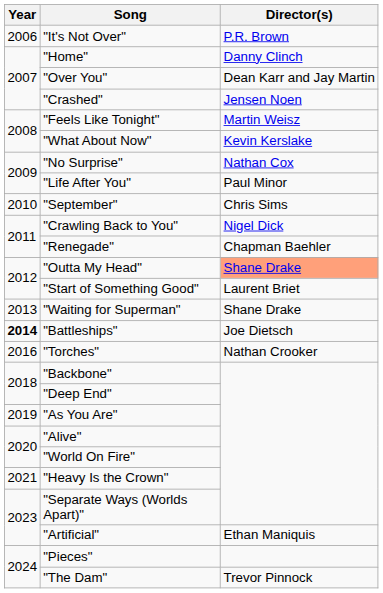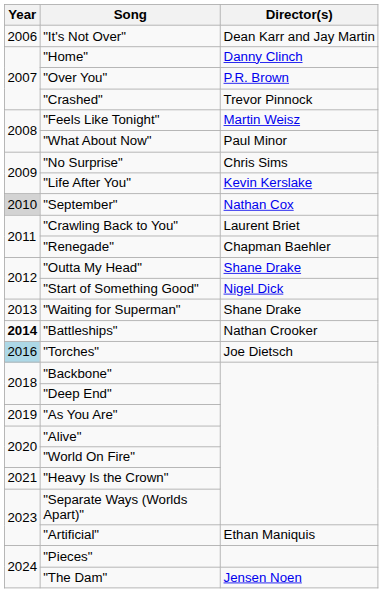 <table class="wikitable">
 <tr>
 <th>Year</th>
 <th width="210">Song</th>
 <th>Director(s)</th>
 </tr>
 <tr>
 <td>2006</td>
 <td>"It's Not Over"</td>
-<td><a href='#'>P.R. Brown</a></td>
+<td>Dean Karr and Jay Martin</td>
 </tr>
 <tr>
 <td rowspan="3">2007</td>
 <td>"Home"</td>
 <td><a href='#'>Danny Clinch</a></td>
 </tr>
 <tr>
 <td>"Over You"</td>
-<td>Dean Karr and Jay Martin</td>
+<td><a href='#'>P.R. Brown</a></td>
 </tr>
 <tr>
 <td>"Crashed"</td>
-<td><a href='#'>Jensen Noen</a></td>
+<td>Trevor Pinnock</td>
 </tr>
 <tr>
 <td rowspan="2">2008</td>
 <td>"Feels Like Tonight"</td>
 <td><a href='#'>Martin Weisz</a></td>
 </tr>
 <tr>
 <td>"What About Now"</td>
-<td><a href='#'>Kevin Kerslake</a></td>
+<td>Paul Minor</td>
 </tr>
 <tr>
 <td rowspan="2">2009</td>
 <td>"No Surprise"</td>
-<td><a href='#'>Nathan Cox</a></td>
+<td>Chris Sims</td>
 </tr>
 <tr>
 <td>"Life After You"</td>
-<td>Paul Minor</td>
+<td><a href='#'>Kevin Kerslake</a></td>
 </tr>
 <tr>
-<td>2010</td>
+<td style="background: lightgrey;">2010</td>
 <td>"September"</td>
-<td>Chris Sims</td>
+<td><a href='#'>Nathan Cox</a></td>
 </tr>
 <tr>
 <td rowspan=2>2011</td>
 <td>"Crawling Back to You"</td>
-<td><a href='#'>Nigel Dick</a></td>
+<td>Laurent Briet</td>
 </tr>
 <tr>
 <td>"Renegade"</td>
 <td>Chapman Baehler</td>
 </tr>
 <tr>
 <td rowspan="2">2012</td>
 <td>"Outta My Head"</td>
-<td style="background: lightsalmon;"><a href='#'>Shane Drake</a></td>
+<td><a href='#'>Shane Drake</a></td>
 </tr>
 <tr>
 <td>"Start of Something Good"</td>
-<td>Laurent Briet</td>
+<td><a href='#'>Nigel Dick</a></td>
 </tr>
 <tr>
 <td>2013</td>
 <td>"Waiting for Superman"</td>
 <td>Shane Drake</td>
 </tr>
 <tr>
 <td><strong>2014</strong></td>
 <td>"Battleships"</td>
-<td>Joe Dietsch</td>
+<td>Nathan Crooker</td>
 </tr>
 <tr>
-<td>2016</td>
+<td style="background: lightblue;">2016</td>
 <td>"Torches"</td>
-<td>Nathan Crooker</td>
+<td>Joe Dietsch</td>
 </tr>
 <tr>
 <td rowspan="2">2018</td>
 <td>"Backbone"</td>
 </tr>
 <tr>
 <td>"Deep End"</td>
 </tr>
 <tr>
 <td>2019</td>
 <td>"As You Are"</td>
 </tr>
 <tr>
 <td rowspan="2">2020</td>
 <td>"Alive"</td>
 </tr>
 <tr>
 <td>"World On Fire"</td>
 </tr>
 <tr>
 <td rowspan="1">2021</td>
 <td>"Heavy Is the Crown"</td>
 </tr>
 <tr>
 <td rowspan="2">2023</td>
 <td>"Separate Ways (Worlds Apart)"</td>
 </tr>
 <tr>
 <td>"Artificial"</td>
 <td>Ethan Maniquis</td>
 </tr>
 <tr>
 <td rowspan="2">2024</td>
 <td>"Pieces"</td>
 </tr>
 <tr>
 <td>"The Dam"</td>
-<td>Trevor Pinnock</td>
+<td><a href='#'>Jensen Noen</a></td>
 </tr>
 </table>
